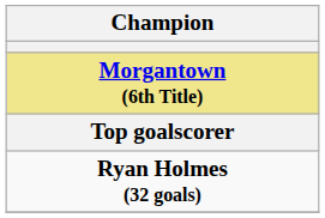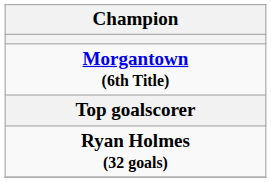 <table class="wikitable" style="margin: 0 auto; width: 220px;">
 <tr>
 <th>Champion</th>
 </tr>
 <tr>
 <th></th>
 </tr>
 <tr>
-<td align="center" style="background: khaki;"><strong><a href='#'>Morgantown</a></strong><br><small><strong>(6th Title)</strong></small></td>
+<td align="center"><strong><a href='#'>Morgantown</a></strong><br><small><strong>(6th Title)</strong></small></td>
 </tr>
 <tr>
 <th>Top goalscorer</th>
 </tr>
 <tr>
 <td align="center"><strong>Ryan Holmes</strong><br><small><strong>(32 goals)</strong></small></td>
 </tr>
 <tr>
 </tr>
 </table>
